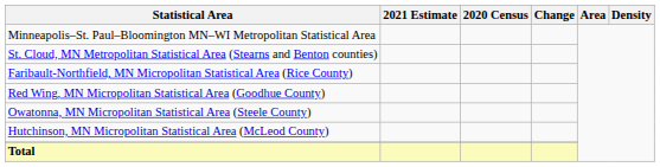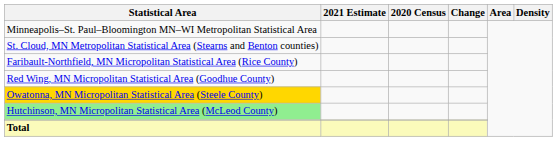 <table class="wikitable sortable">
 <tr>
 <th>Statistical Area</th>
 <th>2021 Estimate</th>
 <th>2020 Census</th>
 <th>Change</th>
 <th>Area</th>
 <th>Density</th>
 </tr>
 <tr>
 <td>Minneapolis–St. Paul–Bloomington MN–WI Metropolitan Statistical Area</td>
 <td></td>
 <td></td>
 <td></td>
 </tr>
 <tr>
 <td><a href='#'>St. Cloud, MN Metropolitan Statistical Area</a> (<a href='#'>Stearns</a> and <a href='#'>Benton</a> counties)</td>
 <td></td>
 <td></td>
 <td></td>
 </tr>
 <tr>
 <td><a href='#'>Faribault-Northfield, MN Micropolitan Statistical Area</a> (<a href='#'>Rice County</a>)</td>
 <td></td>
 <td></td>
 <td></td>
 </tr>
 <tr>
 <td><a href='#'>Red Wing, MN Micropolitan Statistical Area</a> (<a href='#'>Goodhue County</a>)</td>
 <td></td>
 <td></td>
 <td></td>
 </tr>
 <tr>
-<td><a href='#'>Owatonna, MN Micropolitan Statistical Area</a> (<a href='#'>Steele County</a>)</td>
+<td style="background: gold;"><a href='#'>Owatonna, MN Micropolitan Statistical Area</a> (<a href='#'>Steele County</a>)</td>
 <td></td>
 <td></td>
 <td></td>
 </tr>
 <tr>
-<td><a href='#'>Hutchinson, MN Micropolitan Statistical Area</a> (<a href='#'>McLeod County</a>)</td>
+<td style="background: lightgreen;"><a href='#'>Hutchinson, MN Micropolitan Statistical Area</a> (<a href='#'>McLeod County</a>)</td>
 <td></td>
 <td></td>
 <td></td>
 </tr>
 <tr>
 </tr>
 <tr class=sortbottom style="background:#fbfbbb">
 <td><strong>Total</strong></td>
 <td></td>
 <td></td>
 <td></td>
 </tr>
 </table>
